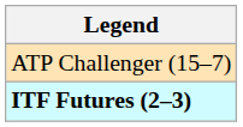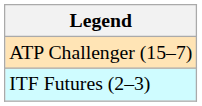 <table class=wikitable style=font-size:97%>
 <tr>
 <th>Legend</th>
 </tr>
 <tr bgcolor=moccasin>
 <td>ATP Challenger (15–7)</td>
 </tr>
 <tr bgcolor=cffcff>
-<td><strong>ITF Futures (2–3)</strong></td>
+<td>ITF Futures (2–3)</td>
 </tr>
 </table>
